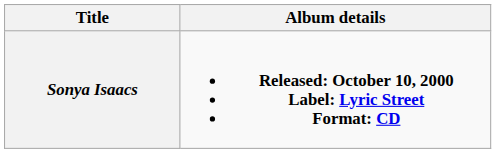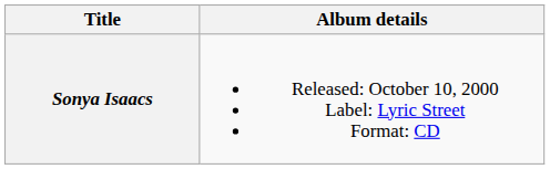 <table class="wikitable plainrowheaders" style="text-align:center;">
 <tr>
 <th style="width:10em;">Title</th>
 <th style="width:18em;">Album details</th>
 </tr>
 <tr>
 <th scope="row"><em>Sonya Isaacs</em></th>
-<td><strong><br><ul><li>Released: October 10, 2000</li><li>Label: <a href='#'>Lyric Street</a></li><li>Format: <a href='#'>CD</a></li></ul></strong></td>
+<td><br><ul><li>Released: October 10, 2000</li><li>Label: <a href='#'>Lyric Street</a></li><li>Format: <a href='#'>CD</a></li></ul></td>
 </tr>
 </table>
